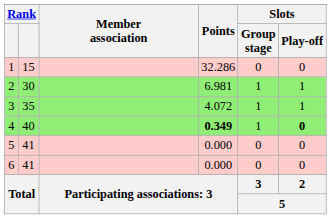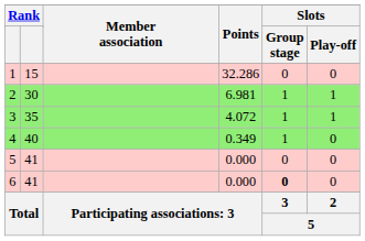 <table class="wikitable" style="text-align:center">
 <tr>
 </tr>
 <tr>
 <th colspan=2 rowspan=2><a href='#'>Rank</a></th>
 <th rowspan=3 width=200>Member<br>association</th>
 <th rowspan=3>Points</th>
 <th colspan=2>Slots</th>
 </tr>
 <tr>
 <th rowspan=2>Group<br>stage</th>
 <th rowspan=2>Play-off</th>
 </tr>
 <tr>
 <th></th>
 <th></th>
 </tr>
 <tr bgcolor=ffcccc>
 <td>1</td>
 <td>15</td>
 <td align=left></td>
 <td>32.286</td>
 <td>0</td>
 <td>0</td>
 </tr>
 <tr bgcolor=#90ee77>
 <td>2</td>
 <td>30</td>
 <td align=left></td>
 <td>6.981</td>
 <td>1</td>
 <td>1</td>
 </tr>
 <tr bgcolor=#90ee77>
 <td>3</td>
 <td>35</td>
 <td align=left></td>
 <td>4.072</td>
 <td>1</td>
 <td>1</td>
 </tr>
 <tr bgcolor=#90ee77>
 <td>4</td>
 <td>40</td>
 <td align=left></td>
-<td><strong>0.349</strong></td>
+<td>0.349</td>
 <td>1</td>
-<td><strong>0</strong></td>
+<td>0</td>
 </tr>
 <tr bgcolor=ffcccc>
 <td>5</td>
 <td>41</td>
 <td align=left></td>
 <td>0.000</td>
 <td>0</td>
 <td>0</td>
 </tr>
 <tr bgcolor=ffcccc>
 <td>6</td>
 <td>41</td>
 <td align=left></td>
 <td>0.000</td>
-<td>0</td>
+<td><strong>0</strong></td>
 <td>0</td>
 </tr>
 <tr>
 <th colspan=2 rowspan=2>Total</th>
 <th colspan=2 rowspan=2>Participating associations: 3</th>
 <th>3</th>
 <th>2</th>
 </tr>
 <tr>
 <th colspan=2>5</th>
 </tr>
 </table>
